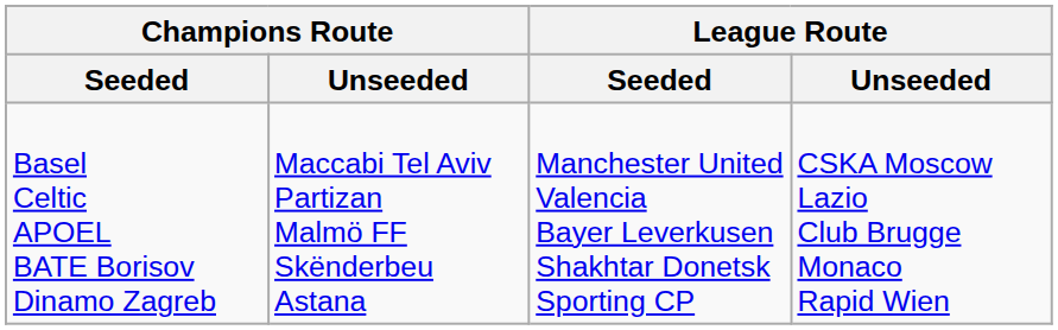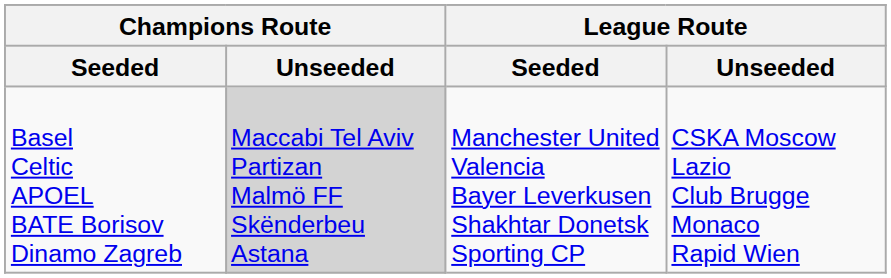 <table class="wikitable" style="font-size:80%">
 <tr>
 <th colspan=2>Champions Route</th>
 <th colspan=2>League Route</th>
 </tr>
 <tr>
 <th width=25%>Seeded</th>
 <th width=25%>Unseeded</th>
 <th width=25%>Seeded</th>
 <th width=25%>Unseeded</th>
 </tr>
 <tr>
 <td valign=top><br> <a href='#'>Basel</a><br>  <a href='#'>Celtic</a><br>  <a href='#'>APOEL</a><br>  <a href='#'>BATE Borisov</a><br>  <a href='#'>Dinamo Zagreb</a></td>
-<td valign=top><br> <a href='#'>Maccabi Tel Aviv</a><br>  <a href='#'>Partizan</a><br>  <a href='#'>Malmö FF</a><br>  <a href='#'>Skënderbeu</a><br>  <a href='#'>Astana</a></td>
+<td valign=top style="background: lightgrey;"><br> <a href='#'>Maccabi Tel Aviv</a><br>  <a href='#'>Partizan</a><br>  <a href='#'>Malmö FF</a><br>  <a href='#'>Skënderbeu</a><br>  <a href='#'>Astana</a></td>
 <td valign=top><br> <a href='#'>Manchester United</a><br>  <a href='#'>Valencia</a><br>  <a href='#'>Bayer Leverkusen</a><br>  <a href='#'>Shakhtar Donetsk</a><br>  <a href='#'>Sporting CP</a></td>
 <td valign=top><br> <a href='#'>CSKA Moscow</a><br>  <a href='#'>Lazio</a><br>  <a href='#'>Club Brugge</a><br>  <a href='#'>Monaco</a><br>  <a href='#'>Rapid Wien</a></td>
 </tr>
 </table>
